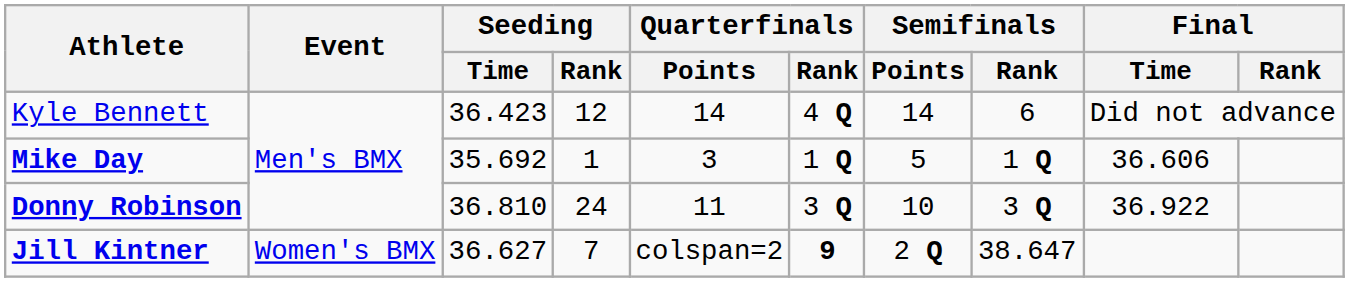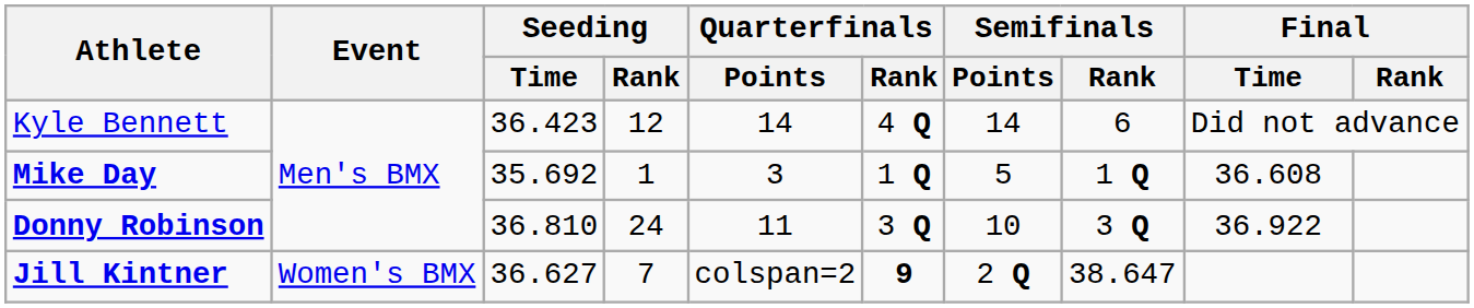 <table class=wikitable style=font-size:90%;text-align:center>
 <tr>
 <th rowspan=2>Athlete</th>
 <th rowspan=2>Event</th>
 <th colspan=2>Seeding</th>
 <th colspan=2>Quarterfinals</th>
 <th colspan=2>Semifinals</th>
 <th colspan=2>Final</th>
 </tr>
 <tr style=font-size:95%>
 <th>Time</th>
 <th>Rank</th>
 <th>Points</th>
 <th>Rank</th>
 <th>Points</th>
 <th>Rank</th>
 <th>Time</th>
 <th>Rank</th>
 </tr>
 <tr>
 <td align=left><a href='#'>Kyle Bennett</a></td>
 <td align=left rowspan=3><a href='#'>Men's BMX</a></td>
 <td>36.423</td>
 <td>12</td>
 <td>14</td>
 <td>4 <strong>Q</strong></td>
 <td>14</td>
 <td>6</td>
 <td colspan=2>Did not advance</td>
 </tr>
 <tr>
 <td align=left><strong><a href='#'>Mike Day</a></strong></td>
 <td>35.692</td>
 <td>1</td>
 <td>3</td>
 <td>1 <strong>Q</strong></td>
 <td>5</td>
 <td>1 <strong>Q</strong></td>
-<td>36.606</td>
+<td>36.608</td>
 <td></td>
 </tr>
 <tr>
 <td align=left><strong><a href='#'>Donny Robinson</a></strong></td>
 <td>36.810</td>
 <td>24</td>
 <td>11</td>
 <td>3 <strong>Q</strong></td>
 <td>10</td>
 <td>3 <strong>Q</strong></td>
 <td>36.922</td>
 <td></td>
 </tr>
 <tr>
 <td align=left><strong><a href='#'>Jill Kintner</a></strong></td>
 <td align=left><a href='#'>Women's BMX</a></td>
 <td>36.627</td>
 <td>7</td>
 <td>colspan=2 </td>
 <td><strong>9</strong></td>
 <td>2 <strong>Q</strong></td>
 <td>38.647</td>
 <td></td>
 </tr>
 </table>
